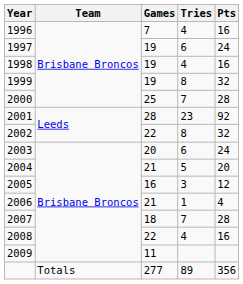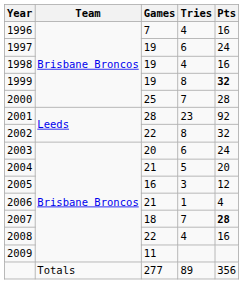 <table class="wikitable">
 <tr>
 <th>Year</th>
 <th>Team</th>
 <th>Games</th>
 <th>Tries</th>
 <th>Pts</th>
 </tr>
 <tr>
 <td>1996</td>
 <td rowspan="5"> <a href='#'>Brisbane Broncos</a></td>
 <td>7</td>
 <td>4</td>
 <td>16</td>
 </tr>
 <tr>
 <td>1997</td>
 <td>19</td>
 <td>6</td>
 <td>24</td>
 </tr>
 <tr>
 <td>1998</td>
 <td>19</td>
 <td>4</td>
 <td>16</td>
 </tr>
 <tr>
 <td>1999</td>
 <td>19</td>
 <td>8</td>
-<td>32</td>
+<td><strong>32</strong></td>
 </tr>
 <tr>
 <td>2000</td>
 <td>25</td>
 <td>7</td>
 <td>28</td>
 </tr>
 <tr>
 <td>2001</td>
 <td rowspan="2"> <a href='#'>Leeds</a></td>
 <td>28</td>
 <td>23</td>
 <td>92</td>
 </tr>
 <tr>
 <td>2002</td>
 <td>22</td>
 <td>8</td>
 <td>32</td>
 </tr>
 <tr>
 <td>2003</td>
 <td rowspan="7"> <a href='#'>Brisbane Broncos</a></td>
 <td>20</td>
 <td>6</td>
 <td>24</td>
 </tr>
 <tr>
 <td>2004</td>
 <td>21</td>
 <td>5</td>
 <td>20</td>
 </tr>
 <tr>
 <td>2005</td>
 <td>16</td>
 <td>3</td>
 <td>12</td>
 </tr>
 <tr>
 <td>2006</td>
 <td>21</td>
 <td>1</td>
 <td>4</td>
 </tr>
 <tr>
 <td>2007</td>
 <td>18</td>
 <td>7</td>
-<td>28</td>
+<td><strong>28</strong></td>
 </tr>
 <tr>
 <td>2008</td>
 <td>22</td>
 <td>4</td>
 <td>16</td>
 </tr>
 <tr>
 <td>2009</td>
 <td>11</td>
 <td></td>
 <td></td>
 </tr>
 <tr>
 <td></td>
 <td>Totals</td>
 <td>277</td>
 <td>89</td>
 <td>356</td>
 </tr>
 </table>
